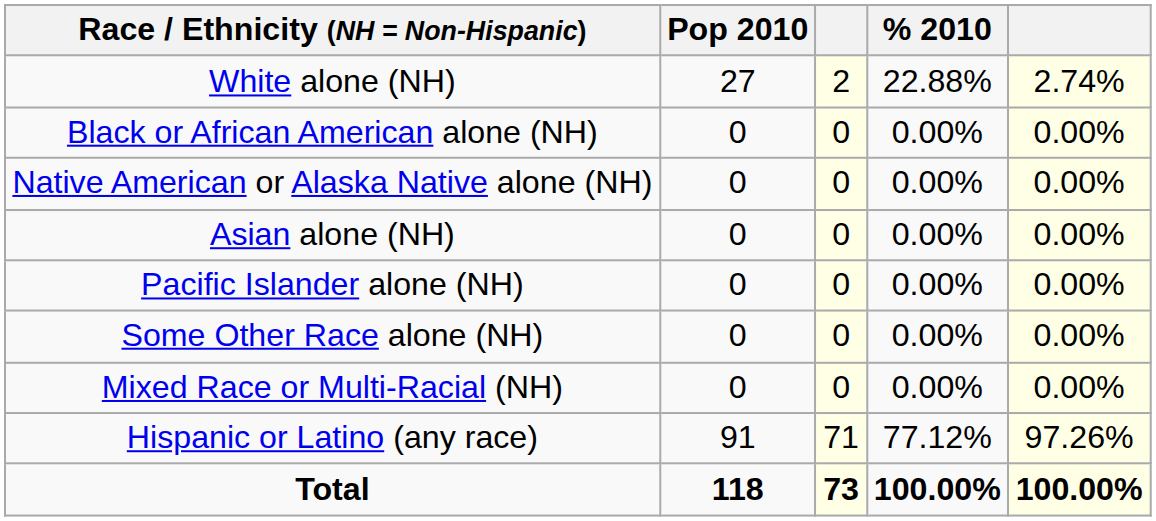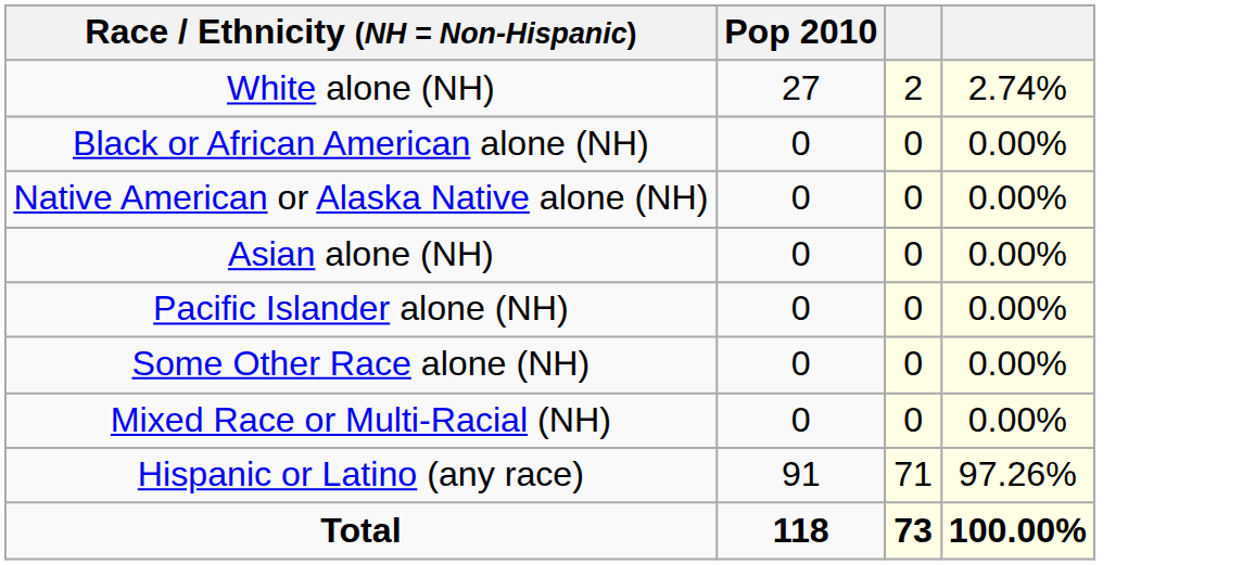 <table class="wikitable" style="text-align:center;">
 <tr>
 <th>Race / Ethnicity <small>(<em>NH = Non-Hispanic</em>)</small></th>
 <th>Pop 2010</th>
 <th></th>
-<th>% 2010</th>
 <th></th>
 </tr>
 <tr>
 <td><a href='#'>White</a> alone (NH)</td>
 <td>27</td>
 <td style='background: #ffffe6;'>2</td>
-<td>22.88%</td>
 <td style='background: #ffffe6;'>2.74%</td>
 </tr>
 <tr>
 <td><a href='#'>Black or African American</a> alone (NH)</td>
 <td>0</td>
 <td style='background: #ffffe6;'>0</td>
-<td>0.00%</td>
 <td style='background: #ffffe6;'>0.00%</td>
 </tr>
 <tr>
 <td><a href='#'>Native American</a> or <a href='#'>Alaska Native</a> alone (NH)</td>
 <td>0</td>
 <td style='background: #ffffe6;'>0</td>
-<td>0.00%</td>
 <td style='background: #ffffe6;'>0.00%</td>
 </tr>
 <tr>
 <td><a href='#'>Asian</a> alone (NH)</td>
 <td>0</td>
 <td style='background: #ffffe6;'>0</td>
-<td>0.00%</td>
 <td style='background: #ffffe6;'>0.00%</td>
 </tr>
 <tr>
 <td><a href='#'>Pacific Islander</a> alone (NH)</td>
 <td>0</td>
 <td style='background: #ffffe6;'>0</td>
-<td>0.00%</td>
 <td style='background: #ffffe6;'>0.00%</td>
 </tr>
 <tr>
 <td><a href='#'>Some Other Race</a> alone (NH)</td>
 <td>0</td>
 <td style='background: #ffffe6;'>0</td>
-<td>0.00%</td>
 <td style='background: #ffffe6;'>0.00%</td>
 </tr>
 <tr>
 <td><a href='#'>Mixed Race or Multi-Racial</a> (NH)</td>
 <td>0</td>
 <td style='background: #ffffe6;'>0</td>
-<td>0.00%</td>
 <td style='background: #ffffe6;'>0.00%</td>
 </tr>
 <tr>
 <td><a href='#'>Hispanic or Latino</a> (any race)</td>
 <td>91</td>
 <td style='background: #ffffe6;'>71</td>
-<td>77.12%</td>
 <td style='background: #ffffe6;'>97.26%</td>
 </tr>
 <tr>
 <td><strong>Total</strong></td>
 <td><strong>118</strong></td>
 <td style='background: #ffffe6;'><strong>73</strong></td>
-<td><strong>100.00%</strong></td>
 <td style='background: #ffffe6;'><strong>100.00%</strong></td>
 </tr>
 </table>
